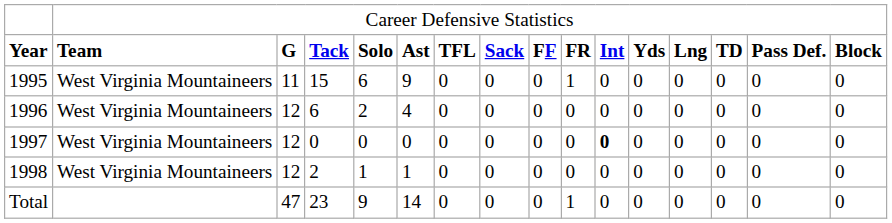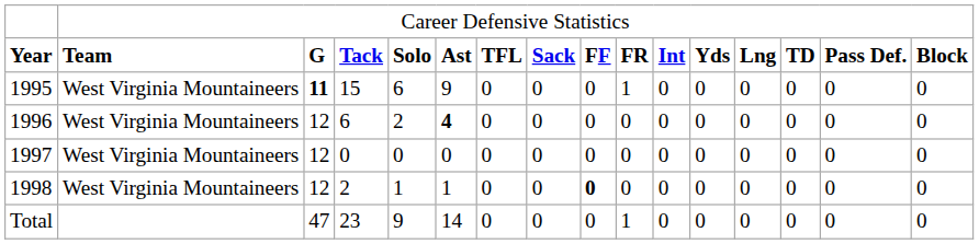 <table class="wikitable" border=0 style="background: #FFFFFF;">
 <tr>
 <td colspan=1></td>
 <td colspan=15 align="center">Career Defensive Statistics</td>
 </tr>
 <tr>
 <td><strong>Year</strong></td>
 <td><strong>Team</strong></td>
 <td><strong>G</strong></td>
 <td><strong><a href='#'>Tack</a></strong></td>
 <td><strong>Solo</strong></td>
 <td><strong>Ast</strong></td>
 <td><strong>TFL</strong></td>
 <td><strong><a href='#'>Sack</a></strong></td>
 <td><strong>F<a href='#'>F</a></strong></td>
 <td><strong>FR</strong></td>
 <td><strong><a href='#'>Int</a></strong></td>
 <td><strong>Yds</strong></td>
 <td><strong>Lng</strong></td>
 <td><strong>TD</strong></td>
 <td><strong>Pass Def.</strong></td>
 <td><strong>Block</strong></td>
 </tr>
 <tr>
 <td>1995</td>
 <td>West Virginia Mountaineers</td>
-<td>11</td>
+<td><strong>11</strong></td>
 <td>15</td>
 <td>6</td>
 <td>9</td>
 <td>0</td>
 <td>0</td>
 <td>0</td>
 <td>1</td>
 <td>0</td>
 <td>0</td>
 <td>0</td>
 <td>0</td>
 <td>0</td>
 <td>0</td>
 </tr>
 <tr>
 <td>1996</td>
 <td>West Virginia Mountaineers</td>
 <td>12</td>
 <td>6</td>
 <td>2</td>
-<td>4</td>
+<td><strong>4</strong></td>
 <td>0</td>
 <td>0</td>
 <td>0</td>
 <td>0</td>
 <td>0</td>
 <td>0</td>
 <td>0</td>
 <td>0</td>
 <td>0</td>
 <td>0</td>
 </tr>
 <tr>
 <td>1997</td>
 <td>West Virginia Mountaineers</td>
 <td>12</td>
 <td>0</td>
 <td>0</td>
 <td>0</td>
 <td>0</td>
 <td>0</td>
 <td>0</td>
 <td>0</td>
-<td><strong>0</strong></td>
+<td>0</td>
 <td>0</td>
 <td>0</td>
 <td>0</td>
 <td>0</td>
 <td>0</td>
 </tr>
 <tr>
 <td>1998</td>
 <td>West Virginia Mountaineers</td>
 <td>12</td>
 <td>2</td>
 <td>1</td>
 <td>1</td>
 <td>0</td>
 <td>0</td>
-<td>0</td>
+<td><strong>0</strong></td>
 <td>0</td>
 <td>0</td>
 <td>0</td>
 <td>0</td>
 <td>0</td>
 <td>0</td>
 <td>0</td>
 </tr>
 <tr>
 <td>Total</td>
 <td></td>
 <td>47</td>
 <td>23</td>
 <td>9</td>
 <td>14</td>
 <td>0</td>
 <td>0</td>
 <td>0</td>
 <td>1</td>
 <td>0</td>
 <td>0</td>
 <td>0</td>
 <td>0</td>
 <td>0</td>
 <td>0</td>
 </tr>
 </table>
